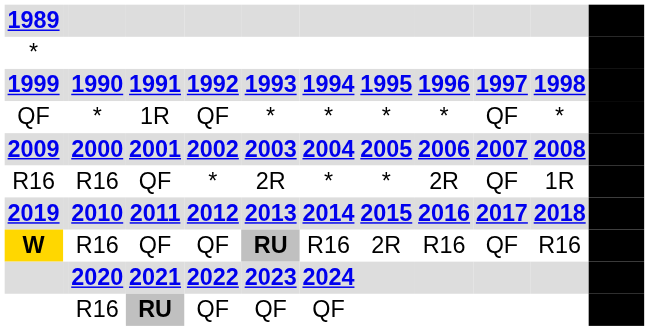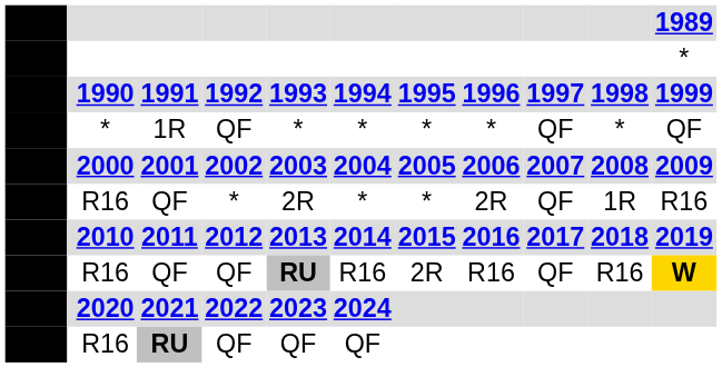 <table class="toccolours" border="0" cellpadding="2" cellspacing="0" align="left" style="margin:0.5em;">
 <tr>
-<th align=center style="background-color: #ddd;"><a href='#'>1989</a></th>
+<th align=center style="background-color: #000000;"><span>Year</span></th>
 <th align=center style="background-color: #ddd;"></th>
 <th align=center style="background-color: #ddd;"></th>
 <th align=center style="background-color: #ddd;"></th>
 <th align=center style="background-color: #ddd;"></th>
 <th align=center style="background-color: #ddd;"></th>
 <th align=center style="background-color: #ddd;"></th>
 <th align=center style="background-color: #ddd;"></th>
 <th align=center style="background-color: #ddd;"></th>
 <th align=center style="background-color: #ddd;"></th>
 <th align=center style="background-color: #ddd;"></th>
-<th align=center style="background-color: #000000;"><span>Year</span></th>
+<th align=center style="background-color: #ddd;"><a href='#'>1989</a></th>
 </tr>
 <tr>
-<td align="center">*</td>
+<th align="center" style="background-color: #000000;"><span>Pos.</span></th>
 <td align="center"></td>
 <td align="center"></td>
 <td align="center"></td>
 <td align="center"></td>
 <td align="center"></td>
 <td align="center"></td>
 <td align="center"></td>
 <td align="center"></td>
 <td align="center"></td>
 <td align="center"></td>
-<th align="center" style="background-color: #000000;"><span>Pos.</span></th>
+<td align="center">*</td>
 </tr>
 <tr>
-<th align=center style="background-color: #ddd;"><a href='#'>1999</a></th>
+<th align=center style="background-color: #000000;"><span>Year</span></th>
 <th align=center style="background-color: #ddd;"></th>
 <th align=center style="background-color: #ddd;"><a href='#'>1990</a></th>
 <th align=center style="background-color: #ddd;"><a href='#'>1991</a></th>
 <th align=center style="background-color: #ddd;"><a href='#'>1992</a></th>
 <th align=center style="background-color: #ddd;"><a href='#'>1993</a></th>
 <th align=center style="background-color: #ddd;"><a href='#'>1994</a></th>
 <th align=center style="background-color: #ddd;"><a href='#'>1995</a></th>
 <th align=center style="background-color: #ddd;"><a href='#'>1996</a></th>
 <th align=center style="background-color: #ddd;"><a href='#'>1997</a></th>
 <th align=center style="background-color: #ddd;"><a href='#'>1998</a></th>
-<th align=center style="background-color: #000000;"><span>Year</span></th>
+<th align=center style="background-color: #ddd;"><a href='#'>1999</a></th>
 </tr>
 <tr>
-<td align="center">QF</td>
+<th align="center" style="background-color: #000000;"><span>Pos.</span></th>
 <td align="center"></td>
 <td align="center">*</td>
 <td align="center">1R</td>
 <td align="center">QF</td>
 <td align="center">*</td>
 <td align="center">*</td>
 <td align="center">*</td>
 <td align="center">*</td>
 <td align="center">QF</td>
 <td align="center">*</td>
-<th align="center" style="background-color: #000000;"><span>Pos.</span></th>
+<td align="center">QF</td>
 </tr>
 <tr>
-<th align=center style="background-color: #ddd;"><a href='#'>2009</a></th>
+<th align=center style="background-color: #000000;"><span>Year</span></th>
 <th align=center style="background-color: #ddd;"></th>
 <th align=center style="background-color: #ddd;"><a href='#'>2000</a></th>
 <th align=center style="background-color: #ddd;"><a href='#'>2001</a></th>
 <th align=center style="background-color: #ddd;"><a href='#'>2002</a></th>
 <th align=center style="background-color: #ddd;"><a href='#'>2003</a></th>
 <th align=center style="background-color: #ddd;"><a href='#'>2004</a></th>
 <th align=center style="background-color: #ddd;"><a href='#'>2005</a></th>
 <th align=center style="background-color: #ddd;"><a href='#'>2006</a></th>
 <th align=center style="background-color: #ddd;"><a href='#'>2007</a></th>
 <th align=center style="background-color: #ddd;"><a href='#'>2008</a></th>
-<th align=center style="background-color: #000000;"><span>Year</span></th>
+<th align=center style="background-color: #ddd;"><a href='#'>2009</a></th>
 </tr>
 <tr>
-<td align="center">R16</td>
+<th align="center" style="background-color: #000000;"><span>Pos.</span></th>
 <td align="center"></td>
 <td align="center">R16</td>
 <td align="center">QF</td>
 <td align="center">*</td>
 <td align="center">2R</td>
 <td align="center">*</td>
 <td align="center">*</td>
 <td align="center">2R</td>
 <td align="center">QF</td>
 <td align="center">1R</td>
-<th align="center" style="background-color: #000000;"><span>Pos.</span></th>
+<td align="center">R16</td>
 </tr>
 <tr>
-<th align=center style="background-color: #ddd;"><a href='#'>2019</a></th>
+<th align=center style="background-color: #000000;"><span>Year</span></th>
 <th align=center style="background-color: #ddd;"></th>
 <th align=center style="background-color: #ddd;"><a href='#'>2010</a></th>
 <th align=center style="background-color: #ddd;"><a href='#'>2011</a></th>
 <th align=center style="background-color: #ddd;"><a href='#'>2012</a></th>
 <th align=center style="background-color: #ddd;"><a href='#'>2013</a></th>
 <th align=center style="background-color: #ddd;"><a href='#'>2014</a></th>
 <th align=center style="background-color: #ddd;"><a href='#'>2015</a></th>
 <th align=center style="background-color: #ddd;"><a href='#'>2016</a></th>
 <th align=center style="background-color: #ddd;"><a href='#'>2017</a></th>
 <th align=center style="background-color: #ddd;"><a href='#'>2018</a></th>
-<th align=center style="background-color: #000000;"><span>Year</span></th>
+<th align=center style="background-color: #ddd;"><a href='#'>2019</a></th>
 </tr>
 <tr>
-<td align="center" bgcolor="gold"><strong>W</strong></td>
+<th align="center" style="background-color: #000000;"><span>Pos.</span></th>
 <td align="center"></td>
 <td align="center">R16</td>
 <td align="center">QF</td>
 <td align="center">QF</td>
 <td align="center" bgcolor="silver"><strong>RU</strong></td>
 <td align="center">R16</td>
 <td align="center">2R</td>
 <td align="center">R16</td>
 <td align="center">QF</td>
 <td align="center">R16</td>
-<th align="center" style="background-color: #000000;"><span>Pos.</span></th>
+<td align="center" bgcolor="gold"><strong>W</strong></td>
 </tr>
 <tr>
-<th align=center style="background-color: #ddd;"></th>
+<th align=center style="background-color: #000000;"><span>Year</span></th>
 <th align=center style="background-color: #ddd;"></th>
 <th align=center style="background-color: #ddd;"><a href='#'>2020</a></th>
 <th align=center style="background-color: #ddd;"><a href='#'>2021</a></th>
 <th align=center style="background-color: #ddd;"><a href='#'>2022</a></th>
 <th align=center style="background-color: #ddd;"><a href='#'>2023</a></th>
 <th align=center style="background-color: #ddd;"><a href='#'>2024</a></th>
 <th align=center style="background-color: #ddd;"></th>
 <th align=center style="background-color: #ddd;"></th>
 <th align=center style="background-color: #ddd;"></th>
 <th align=center style="background-color: #ddd;"></th>
-<th align=center style="background-color: #000000;"><span>Year</span></th>
+<th align=center style="background-color: #ddd;"></th>
 </tr>
 <tr>
-<td align="center"></td>
+<th align="center" style="background-color: #000000;"><span>Pos.</span></th>
 <td align="center"></td>
 <td align="center">R16</td>
 <td align="center" bgcolor="silver"><strong>RU</strong></td>
 <td align="center">QF</td>
 <td align="center">QF</td>
 <td align="center">QF</td>
 <td align="center"></td>
 <td align="center"></td>
 <td align="center"></td>
 <td align="center"></td>
-<th align="center" style="background-color: #000000;"><span>Pos.</span></th>
+<td align="center"></td>
 </tr>
 </table>
